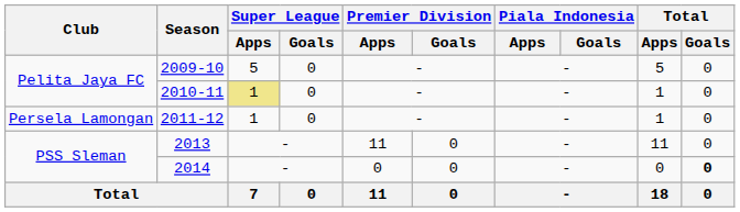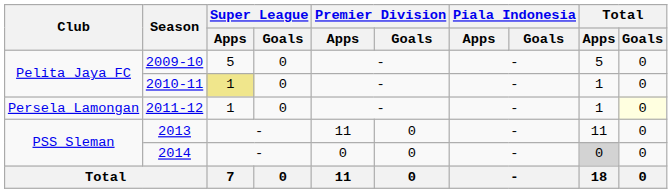 <table class="wikitable" style="font-size:90%; text-align:center;">
 <tr>
 <th rowspan="2">Club</th>
 <th rowspan="2">Season</th>
 <th colspan="2"><a href='#'>Super League</a></th>
 <th colspan="2"><a href='#'>Premier Division</a></th>
 <th colspan="2"><a href='#'>Piala Indonesia</a></th>
 <th colspan="2">Total</th>
 </tr>
 <tr>
 <th>Apps</th>
 <th>Goals</th>
 <th>Apps</th>
 <th>Goals</th>
 <th>Apps</th>
 <th>Goals</th>
 <th>Apps</th>
 <th>Goals</th>
 </tr>
 <tr>
 <td rowspan="2"><a href='#'>Pelita Jaya FC</a></td>
 <td><a href='#'>2009-10</a></td>
 <td>5</td>
 <td>0</td>
 <td colspan="2">-</td>
 <td colspan="2">-</td>
 <td>5</td>
 <td>0</td>
 </tr>
 <tr>
 <td><a href='#'>2010-11</a></td>
 <td style="background: khaki;">1</td>
 <td>0</td>
 <td colspan="2">-</td>
 <td colspan="2">-</td>
 <td>1</td>
 <td>0</td>
 </tr>
 <tr>
 <td rowspan="1"><a href='#'>Persela Lamongan</a></td>
 <td><a href='#'>2011-12</a></td>
 <td>1</td>
 <td>0</td>
 <td colspan="2">-</td>
 <td colspan="2">-</td>
 <td>1</td>
-<td>0</td>
+<td style="background: lightyellow;">0</td>
 </tr>
 <tr>
 <td rowspan="2"><a href='#'>PSS Sleman</a></td>
 <td><a href='#'>2013</a></td>
 <td colspan="2">-</td>
 <td>11</td>
 <td>0</td>
 <td colspan="2">-</td>
 <td>11</td>
 <td>0</td>
 </tr>
 <tr>
 <td><a href='#'>2014</a></td>
 <td colspan="2">-</td>
 <td>0</td>
 <td>0</td>
 <td colspan="2">-</td>
+<td style="background: lightgrey;">0</td>
 <td>0</td>
-<td><strong>0</strong></td>
 </tr>
 <tr>
 <th colspan="2">Total</th>
 <th>7</th>
 <th>0</th>
 <th>11</th>
 <th>0</th>
 <th colspan="2">-</th>
 <th>18</th>
 <th>0</th>
 </tr>
 </table>
